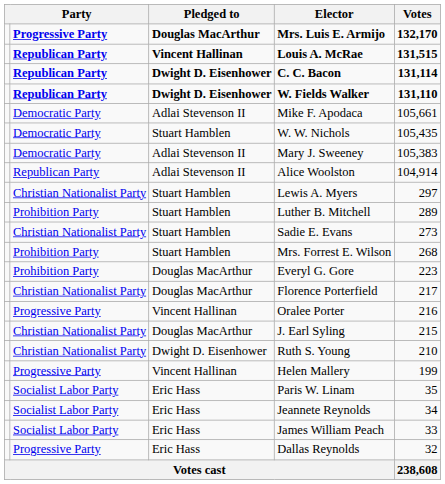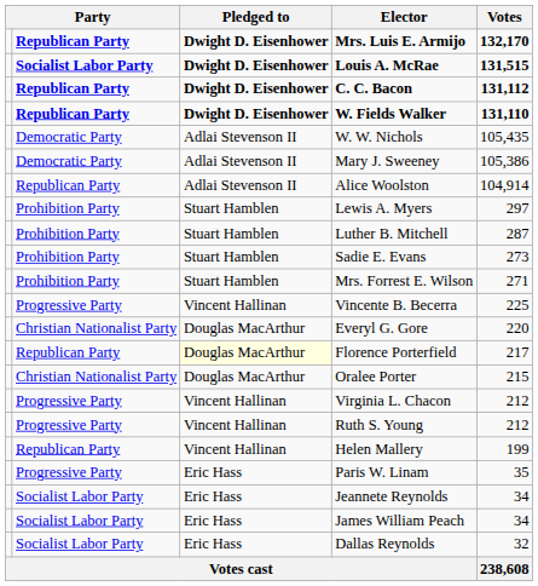 <table class="wikitable">
 <tr>
 <th colspan=2>Party</th>
 <th>Pledged to</th>
 <th>Elector</th>
 <th>Votes</th>
 </tr>
 <tr style="font-weight:bold">
 <td></td>
-<td><a href='#'>Progressive Party</a></td>
-<td>Douglas MacArthur</td>
+<td><a href='#'>Republican Party</a></td>
+<td>Dwight D. Eisenhower</td>
 <td>Mrs. Luis E. Armijo</td>
 <td align=right>132,170</td>
 </tr>
 <tr style="font-weight:bold">
 <td></td>
-<td><a href='#'>Republican Party</a></td>
-<td>Vincent Hallinan</td>
+<td><a href='#'>Socialist Labor Party</a></td>
+<td>Dwight D. Eisenhower</td>
 <td>Louis A. McRae</td>
 <td align=right>131,515</td>
 </tr>
 <tr style="font-weight:bold">
 <td></td>
 <td><a href='#'>Republican Party</a></td>
 <td>Dwight D. Eisenhower</td>
 <td>C. C. Bacon</td>
-<td align=right>131,114</td>
+<td align=right>131,112</td>
 </tr>
 <tr style="font-weight:bold">
 <td></td>
 <td><a href='#'>Republican Party</a></td>
 <td>Dwight D. Eisenhower</td>
 <td>W. Fields Walker</td>
 <td align=right>131,110</td>
 </tr>
 <tr>
 <td bgcolor=></td>
 <td><a href='#'>Democratic Party</a></td>
 <td>Adlai Stevenson II</td>
-<td>Mike F. Apodaca</td>
-<td align="right">105,661</td>
-</tr>
-<tr>
-<td bgcolor=></td>
-<td><a href='#'>Democratic Party</a></td>
-<td>Stuart Hamblen</td>
 <td>W. W. Nichols</td>
 <td align="right">105,435</td>
 </tr>
 <tr>
 <td bgcolor=></td>
 <td><a href='#'>Democratic Party</a></td>
 <td>Adlai Stevenson II</td>
 <td>Mary J. Sweeney</td>
-<td align="right">105,383</td>
+<td align="right">105,386</td>
 </tr>
 <tr>
 <td bgcolor=></td>
 <td><a href='#'>Republican Party</a></td>
 <td>Adlai Stevenson II</td>
 <td>Alice Woolston</td>
 <td align="right">104,914</td>
 </tr>
 <tr>
 <td bgcolor=></td>
-<td><a href='#'>Christian Nationalist Party</a></td>
+<td><a href='#'>Prohibition Party</a></td>
 <td>Stuart Hamblen</td>
 <td>Lewis A. Myers</td>
 <td align="right">297</td>
 </tr>
 <tr>
 <td bgcolor=></td>
 <td><a href='#'>Prohibition Party</a></td>
 <td>Stuart Hamblen</td>
 <td>Luther B. Mitchell</td>
-<td align="right">289</td>
+<td align="right">287</td>
 </tr>
 <tr>
 <td bgcolor=></td>
-<td><a href='#'>Christian Nationalist Party</a></td>
+<td><a href='#'>Prohibition Party</a></td>
 <td>Stuart Hamblen</td>
 <td>Sadie E. Evans</td>
 <td align="right">273</td>
 </tr>
 <tr>
 <td bgcolor=></td>
 <td><a href='#'>Prohibition Party</a></td>
 <td>Stuart Hamblen</td>
 <td>Mrs. Forrest E. Wilson</td>
-<td align="right">268</td>
+<td align="right">271</td>
 </tr>
 <tr>
 <td bgcolor=></td>
-<td><a href='#'>Prohibition Party</a></td>
-<td>Douglas MacArthur</td>
-<td>Everyl G. Gore</td>
-<td align="right">223</td>
+<td><a href='#'>Progressive Party</a></td>
+<td>Vincent Hallinan</td>
+<td>Vincente B. Becerra</td>
+<td align="right">225</td>
 </tr>
 <tr>
 <td bgcolor=></td>
 <td><a href='#'>Christian Nationalist Party</a></td>
 <td>Douglas MacArthur</td>
+<td>Everyl G. Gore</td>
+<td align="right">220</td>
+</tr>
+<tr>
+<td bgcolor=></td>
+<td><a href='#'>Republican Party</a></td>
+<td style="background: lightyellow;">Douglas MacArthur</td>
 <td>Florence Porterfield</td>
 <td align="right">217</td>
 </tr>
 <tr>
 <td bgcolor=></td>
-<td><a href='#'>Progressive Party</a></td>
-<td>Vincent Hallinan</td>
-<td>Oralee Porter</td>
-<td align="right">216</td>
-</tr>
-<tr>
-<td bgcolor=></td>
 <td><a href='#'>Christian Nationalist Party</a></td>
 <td>Douglas MacArthur</td>
-<td>J. Earl Syling</td>
+<td>Oralee Porter</td>
 <td align="right">215</td>
 </tr>
 <tr>
 <td bgcolor=></td>
-<td><a href='#'>Christian Nationalist Party</a></td>
-<td>Dwight D. Eisenhower</td>
-<td>Ruth S. Young</td>
-<td align="right">210</td>
+<td><a href='#'>Progressive Party</a></td>
+<td>Vincent Hallinan</td>
+<td>Virginia L. Chacon</td>
+<td align="right">212</td>
 </tr>
 <tr>
 <td bgcolor=></td>
 <td><a href='#'>Progressive Party</a></td>
+<td>Vincent Hallinan</td>
+<td>Ruth S. Young</td>
+<td align="right">212</td>
+</tr>
+<tr>
+<td bgcolor=></td>
+<td><a href='#'>Republican Party</a></td>
 <td>Vincent Hallinan</td>
 <td>Helen Mallery</td>
 <td align="right">199</td>
 </tr>
 <tr>
 <td bgcolor=></td>
-<td><a href='#'>Socialist Labor Party</a></td>
+<td><a href='#'>Progressive Party</a></td>
 <td>Eric Hass</td>
 <td>Paris W. Linam</td>
 <td align="right">35</td>
 </tr>
 <tr>
 <td bgcolor=></td>
 <td><a href='#'>Socialist Labor Party</a></td>
 <td>Eric Hass</td>
 <td>Jeannete Reynolds</td>
 <td align="right">34</td>
 </tr>
 <tr>
 <td bgcolor=></td>
 <td><a href='#'>Socialist Labor Party</a></td>
 <td>Eric Hass</td>
 <td>James William Peach</td>
-<td align="right">33</td>
+<td align="right">34</td>
 </tr>
 <tr>
 <td bgcolor=></td>
-<td><a href='#'>Progressive Party</a></td>
+<td><a href='#'>Socialist Labor Party</a></td>
 <td>Eric Hass</td>
 <td>Dallas Reynolds</td>
 <td align="right">32</td>
 </tr>
 <tr>
 <th colspan="4">Votes cast</th>
 <th>238,608</th>
 </tr>
 </table>
